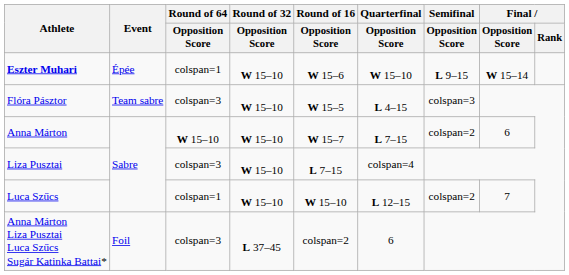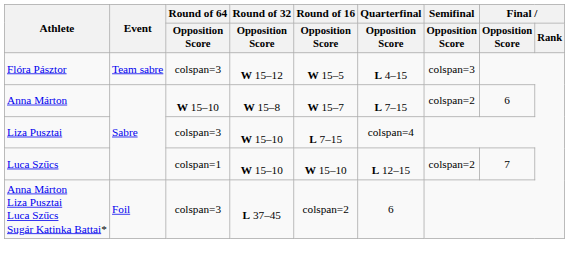 <table class="wikitable" style="font-size:90%">
 <tr>
 <th rowspan="2">Athlete</th>
 <th rowspan="2">Event</th>
 <th>Round of 64</th>
 <th>Round of 32</th>
 <th>Round of 16</th>
 <th>Quarterfinal</th>
 <th>Semifinal</th>
 <th colspan=2>Final / </th>
 </tr>
 <tr style="font-size:95%">
 <th>Opposition <br> Score</th>
 <th>Opposition <br> Score</th>
 <th>Opposition <br> Score</th>
 <th>Opposition <br> Score</th>
 <th>Opposition <br> Score</th>
 <th>Opposition <br> Score</th>
 <th>Rank</th>
 </tr>
 <tr align=center>
-<td align=left><strong><a href='#'>Eszter Muhari</a></strong></td>
-<td align=left><a href='#'>Épée</a></td>
-<td>colspan=1 </td>
-<td><br> <strong>W</strong> 15–10</td>
-<td><br><strong>W</strong> 15–6</td>
-<td><br><strong>W</strong> 15–10</td>
-<td><br><strong>L</strong> 9–15</td>
-<td><br><strong>W</strong> 15–14</td>
-<td></td>
-</tr>
-<tr align=center>
 <td align=left><a href='#'>Flóra Pásztor</a></td>
 <td align=left><a href='#'>Team sabre</a></td>
 <td>colspan=3 </td>
-<td><br><strong>W</strong> 15–10</td>
+<td><br><strong>W</strong> 15–12</td>
 <td><br><strong>W</strong> 15–5</td>
 <td><br><strong>L</strong> 4–15</td>
 <td>colspan=3 </td>
 </tr>
 <tr align=center>
 <td align=left><a href='#'>Anna Márton</a></td>
 <td align=left rowspan=3><a href='#'>Sabre</a></td>
 <td><br><strong>W</strong> 15–10</td>
-<td><br><strong>W</strong> 15–10</td>
+<td><br><strong>W</strong> 15–8</td>
 <td><br><strong>W</strong> 15–7</td>
 <td><br><strong>L</strong> 7–15</td>
 <td>colspan=2 </td>
 <td>6</td>
 </tr>
 <tr align=center>
 <td align=left><a href='#'>Liza Pusztai</a></td>
 <td>colspan=3 </td>
 <td><br><strong>W</strong> 15–10</td>
 <td><br><strong>L</strong> 7–15</td>
 <td>colspan=4 </td>
 </tr>
 <tr align=center>
 <td align=left><a href='#'>Luca Szűcs</a></td>
 <td>colspan=1 </td>
 <td><br><strong>W</strong> 15–10</td>
 <td><br><strong>W</strong> 15–10</td>
 <td><br><strong>L</strong> 12–15</td>
 <td>colspan=2 </td>
 <td>7</td>
 </tr>
 <tr align=center>
 <td align=left><a href='#'>Anna Márton</a><br><a href='#'>Liza Pusztai</a><br><a href='#'>Luca Szűcs</a><br><a href='#'>Sugár Katinka Battai</a>*</td>
 <td align=left><a href='#'>Foil</a></td>
 <td>colspan=3 </td>
 <td><br><strong>L</strong> 37–45</td>
 <td>colspan=2 </td>
 <td>6</td>
 </tr>
 </table>
